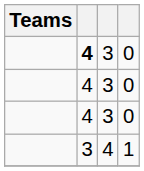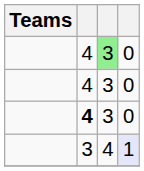 <table class="wikitable" style="text-align: center;">
 <tr>
 <th>Teams</th>
 <th></th>
 <th></th>
 <th></th>
 </tr>
 <tr>
 <td></td>
-<td><strong>4</strong></td>
-<td>3</td>
+<td>4</td>
+<td style="background: lightgreen;">3</td>
 <td>0</td>
 </tr>
 <tr>
 <td></td>
 <td>4</td>
 <td>3</td>
 <td>0</td>
 </tr>
 <tr>
 <td></td>
-<td>4</td>
+<td><strong>4</strong></td>
 <td>3</td>
 <td>0</td>
 </tr>
 <tr>
 <td></td>
 <td>3</td>
 <td>4</td>
-<td>1</td>
+<td style="background: lavender;">1</td>
 </tr>
 <tr>
 </tr>
 </table>
